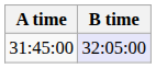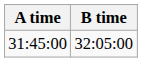 <table class="wikitable" border="1" align="upright">
 <tr>
 <th>A time</th>
 <th>B time</th>
 </tr>
 <tr>
 <td>31:45:00</td>
-<td style="background: lavender;">32:05:00</td>
+<td>32:05:00</td>
 </tr>
 </table>
